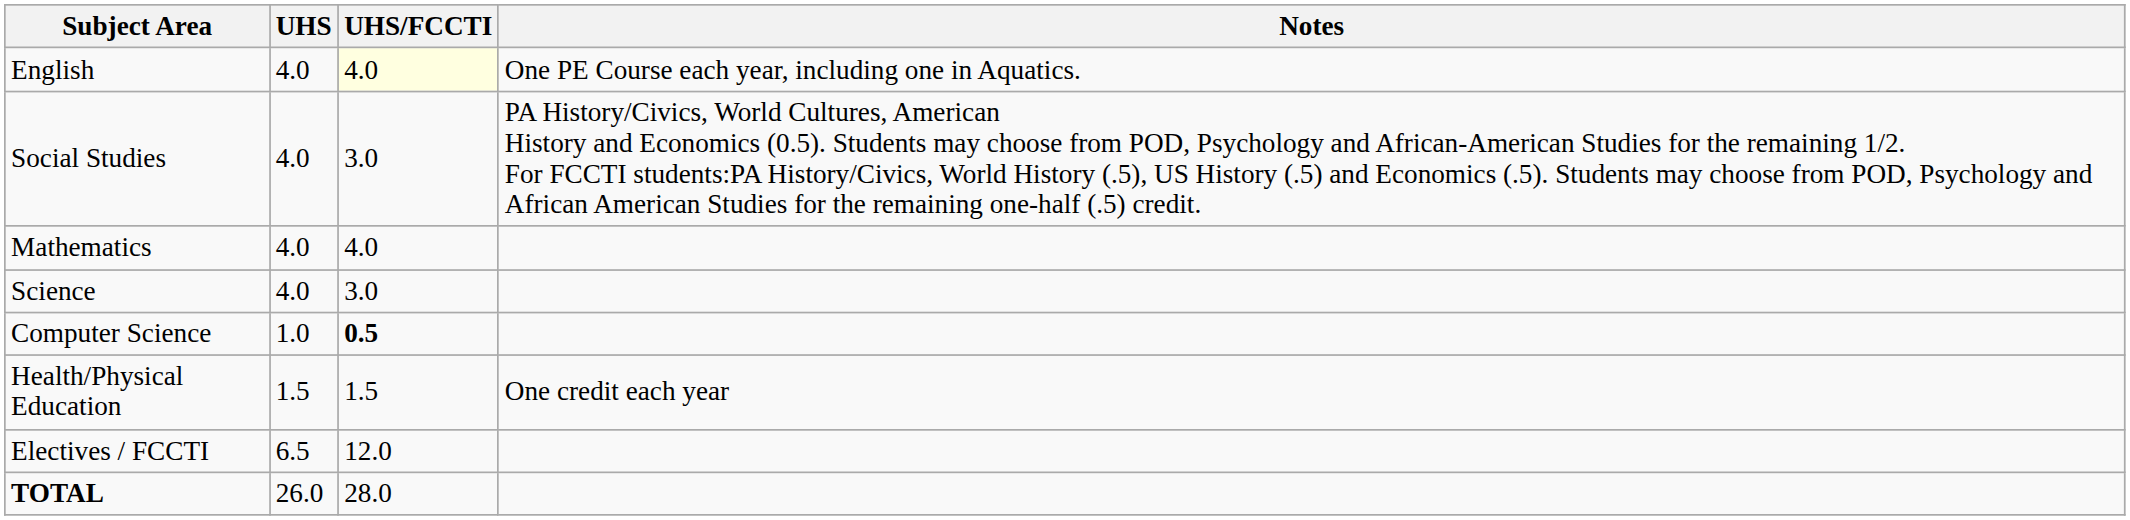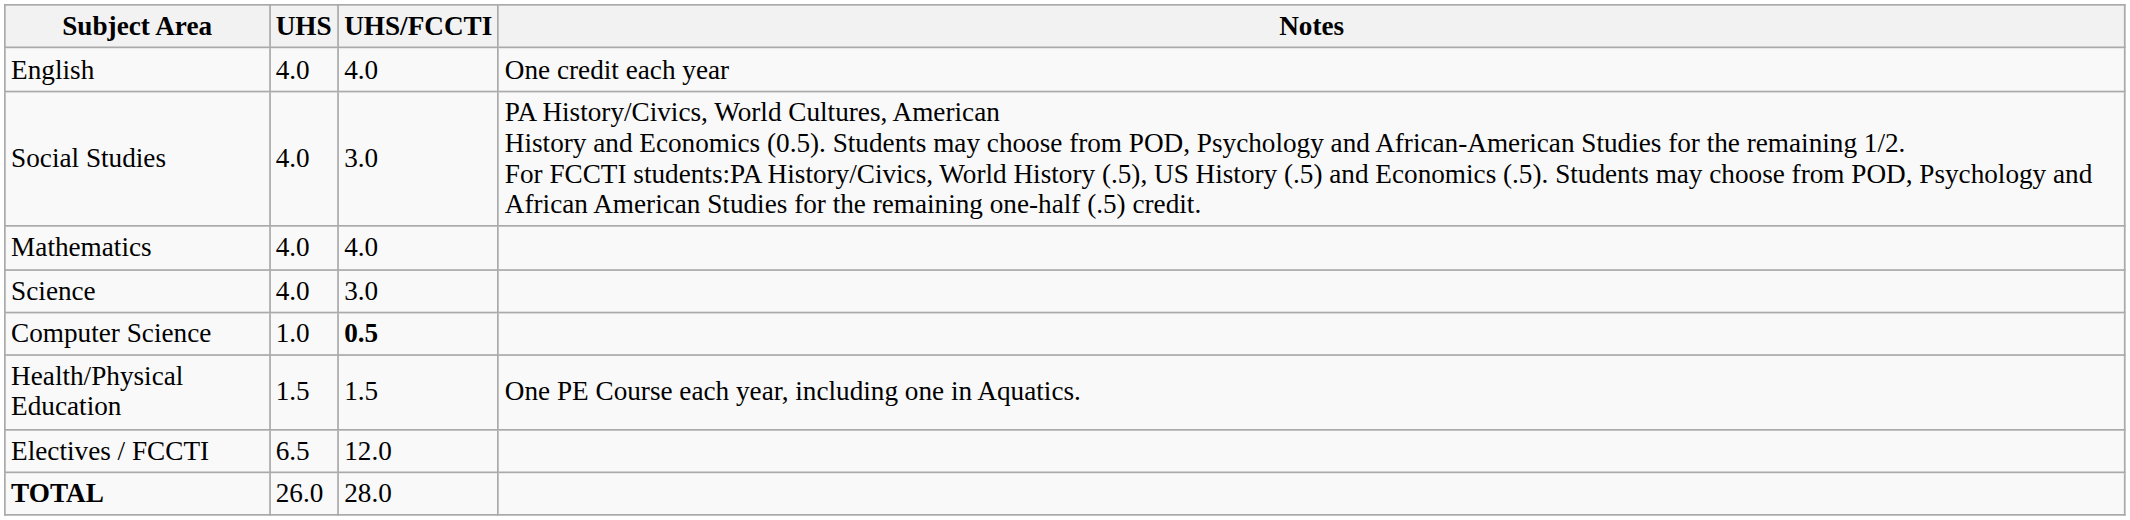 <table class="wikitable">
 <tr>
 <th>Subject Area</th>
 <th>UHS</th>
 <th>UHS/FCCTI</th>
 <th>Notes</th>
 </tr>
 <tr>
 <td>English</td>
 <td>4.0</td>
-<td style="background: lightyellow;">4.0</td>
-<td>One PE Course each year, including one in Aquatics.</td>
+<td>4.0</td>
+<td>One credit each year</td>
 </tr>
 <tr>
 <td>Social Studies</td>
 <td>4.0</td>
 <td>3.0</td>
 <td>PA History/Civics, World Cultures, American<br>History and Economics (0.5). Students may choose from POD, Psychology and African-American Studies for the remaining 1/2.<br> For FCCTI students:PA History/Civics, World History (.5), US History (.5) and Economics (.5). Students may choose from POD, Psychology and African American Studies for the remaining one-half (.5) credit.</td>
 </tr>
 <tr>
 <td>Mathematics</td>
 <td>4.0</td>
 <td>4.0</td>
 <td></td>
 </tr>
 <tr>
 <td>Science</td>
 <td>4.0</td>
 <td>3.0</td>
 <td></td>
 </tr>
 <tr>
 <td>Computer Science</td>
 <td>1.0</td>
 <td><strong>0.5</strong></td>
 <td></td>
 </tr>
 <tr>
 <td>Health/Physical Education</td>
 <td>1.5</td>
 <td>1.5</td>
-<td>One credit each year</td>
+<td>One PE Course each year, including one in Aquatics.</td>
 </tr>
 <tr>
 <td>Electives / FCCTI</td>
 <td>6.5</td>
 <td>12.0</td>
 <td></td>
 </tr>
 <tr>
 <td><strong>TOTAL</strong></td>
 <td>26.0</td>
 <td>28.0</td>
 </tr>
 </table>
